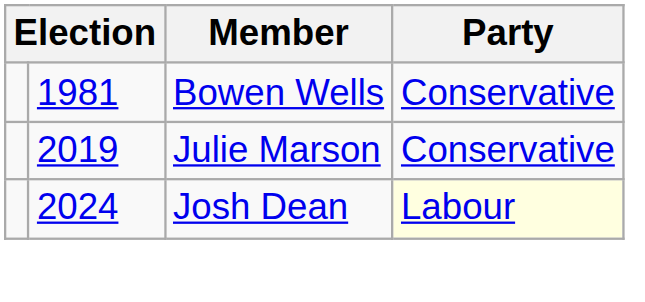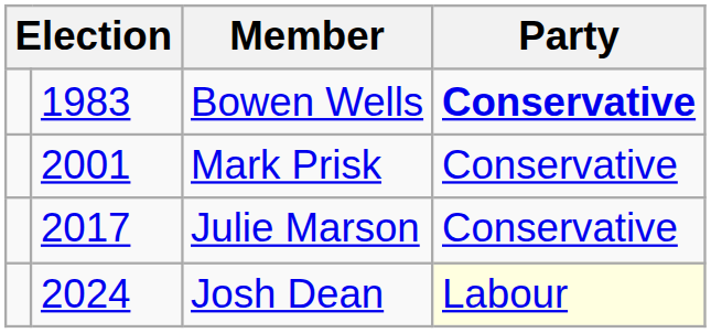 <table class="wikitable">
 <tr>
 <th colspan="2">Election</th>
 <th>Member</th>
 <th>Party</th>
 </tr>
 <tr>
 <td style="color:inherit;background-color: "></td>
-<td><a href='#'>1981</a></td>
+<td><a href='#'>1983</a></td>
 <td><a href='#'>Bowen Wells</a></td>
+<td><strong><a href='#'>Conservative</a></strong></td>
+</tr>
+<tr>
+<td style="color:inherit;background-color: "></td>
+<td><a href='#'>2001</a></td>
+<td><a href='#'>Mark Prisk</a></td>
 <td><a href='#'>Conservative</a></td>
 </tr>
 <tr>
 <td style="color:inherit;background-color: "></td>
-<td><a href='#'>2019</a></td>
+<td><a href='#'>2017</a></td>
 <td><a href='#'>Julie Marson</a></td>
 <td><a href='#'>Conservative</a></td>
 </tr>
 <tr>
 <td style="color:inherit;background-color: "></td>
 <td><a href='#'>2024</a></td>
 <td><a href='#'>Josh Dean</a></td>
 <td style="background: lightyellow;"><a href='#'>Labour</a></td>
 </tr>
 </table>
